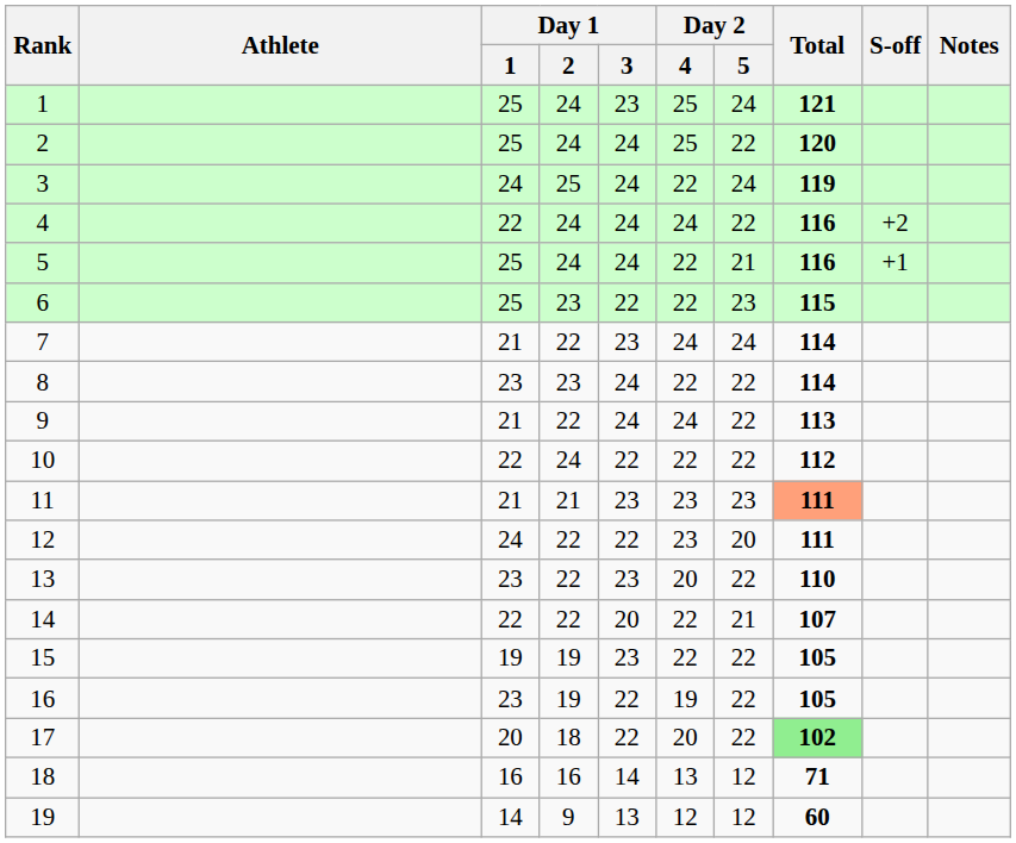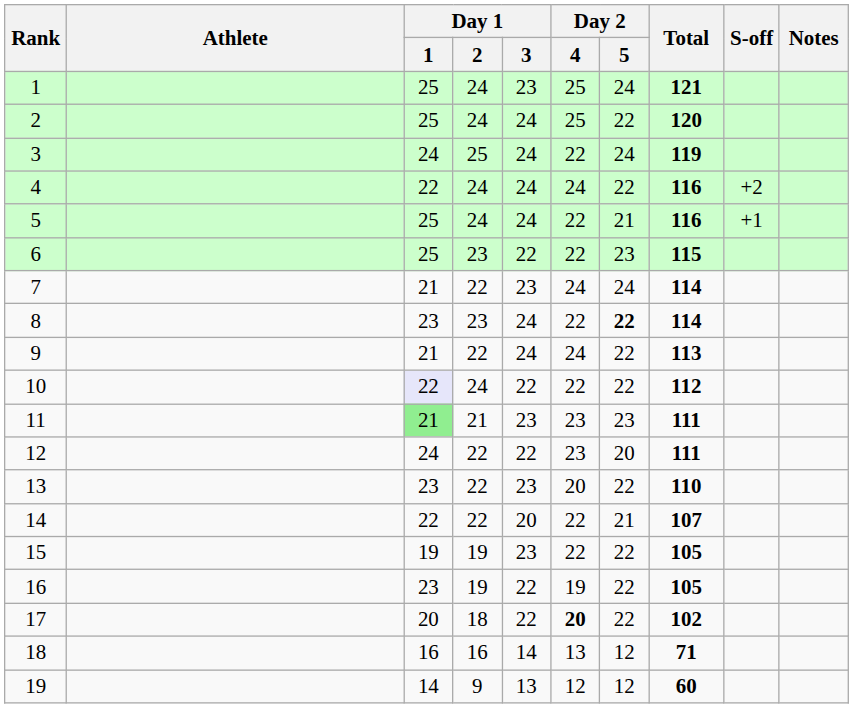 <table class="wikitable" style="text-align:center">
 <tr>
 <th rowspan=2 width=40>Rank</th>
 <th rowspan=2 width=250>Athlete</th>
 <th colspan=3>Day 1</th>
 <th colspan=2>Day 2</th>
 <th rowspan=2 width=50>Total</th>
 <th rowspan=2 width=35>S-off</th>
 <th rowspan=2 width=45>Notes</th>
 </tr>
 <tr>
 <th width=30>1</th>
 <th width=30>2</th>
 <th width=30>3</th>
 <th width=30>4</th>
 <th width=30>5</th>
 </tr>
 <tr bgcolor=ccffcc>
 <td>1</td>
 <td align=left></td>
 <td>25</td>
 <td>24</td>
 <td>23</td>
 <td>25</td>
 <td>24</td>
 <td><strong>121</strong></td>
 <td></td>
 <td></td>
 </tr>
 <tr bgcolor=ccffcc>
 <td>2</td>
 <td align=left></td>
 <td>25</td>
 <td>24</td>
 <td>24</td>
 <td>25</td>
 <td>22</td>
 <td><strong>120</strong></td>
 <td></td>
 <td></td>
 </tr>
 <tr bgcolor=ccffcc>
 <td>3</td>
 <td align=left></td>
 <td>24</td>
 <td>25</td>
 <td>24</td>
 <td>22</td>
 <td>24</td>
 <td><strong>119</strong></td>
 <td></td>
 <td></td>
 </tr>
 <tr bgcolor=ccffcc>
 <td>4</td>
 <td align=left></td>
 <td>22</td>
 <td>24</td>
 <td>24</td>
 <td>24</td>
 <td>22</td>
 <td><strong>116</strong></td>
 <td>+2</td>
 <td></td>
 </tr>
 <tr bgcolor=ccffcc>
 <td>5</td>
 <td align=left></td>
 <td>25</td>
 <td>24</td>
 <td>24</td>
 <td>22</td>
 <td>21</td>
 <td><strong>116</strong></td>
 <td>+1</td>
 <td></td>
 </tr>
 <tr bgcolor=ccffcc>
 <td>6</td>
 <td align=left></td>
 <td>25</td>
 <td>23</td>
 <td>22</td>
 <td>22</td>
 <td>23</td>
 <td><strong>115</strong></td>
 <td></td>
 <td></td>
 </tr>
 <tr>
 <td>7</td>
 <td align=left></td>
 <td>21</td>
 <td>22</td>
 <td>23</td>
 <td>24</td>
 <td>24</td>
 <td><strong>114</strong></td>
 <td></td>
 <td></td>
 </tr>
 <tr>
 <td>8</td>
 <td align=left></td>
 <td>23</td>
 <td>23</td>
 <td>24</td>
 <td>22</td>
-<td>22</td>
+<td><strong>22</strong></td>
 <td><strong>114</strong></td>
 <td></td>
 <td></td>
 </tr>
 <tr>
 <td>9</td>
 <td align=left></td>
 <td>21</td>
 <td>22</td>
 <td>24</td>
 <td>24</td>
 <td>22</td>
 <td><strong>113</strong></td>
 <td></td>
 <td></td>
 </tr>
 <tr>
 <td>10</td>
 <td align=left></td>
-<td>22</td>
+<td style="background: lavender;">22</td>
 <td>24</td>
 <td>22</td>
 <td>22</td>
 <td>22</td>
 <td><strong>112</strong></td>
 <td></td>
 <td></td>
 </tr>
 <tr>
 <td>11</td>
 <td align=left></td>
-<td>21</td>
+<td style="background: lightgreen;">21</td>
 <td>21</td>
 <td>23</td>
 <td>23</td>
 <td>23</td>
-<td style="background: lightsalmon;"><strong>111</strong></td>
+<td><strong>111</strong></td>
 <td></td>
 <td></td>
 </tr>
 <tr>
 <td>12</td>
 <td align=left></td>
 <td>24</td>
 <td>22</td>
 <td>22</td>
 <td>23</td>
 <td>20</td>
 <td><strong>111</strong></td>
 <td></td>
 <td></td>
 </tr>
 <tr>
 <td>13</td>
 <td align=left></td>
 <td>23</td>
 <td>22</td>
 <td>23</td>
 <td>20</td>
 <td>22</td>
 <td><strong>110</strong></td>
 <td></td>
 <td></td>
 </tr>
 <tr>
 <td>14</td>
 <td align=left></td>
 <td>22</td>
 <td>22</td>
 <td>20</td>
 <td>22</td>
 <td>21</td>
 <td><strong>107</strong></td>
 <td></td>
 <td></td>
 </tr>
 <tr>
 <td>15</td>
 <td align=left></td>
 <td>19</td>
 <td>19</td>
 <td>23</td>
 <td>22</td>
 <td>22</td>
 <td><strong>105</strong></td>
 <td></td>
 <td></td>
 </tr>
 <tr>
 <td>16</td>
 <td align=left></td>
 <td>23</td>
 <td>19</td>
 <td>22</td>
 <td>19</td>
 <td>22</td>
 <td><strong>105</strong></td>
 <td></td>
 <td></td>
 </tr>
 <tr>
 <td>17</td>
 <td align=left></td>
 <td>20</td>
 <td>18</td>
 <td>22</td>
-<td>20</td>
+<td><strong>20</strong></td>
 <td>22</td>
-<td style="background: lightgreen;"><strong>102</strong></td>
+<td><strong>102</strong></td>
 <td></td>
 <td></td>
 </tr>
 <tr>
 <td>18</td>
 <td align=left></td>
 <td>16</td>
 <td>16</td>
 <td>14</td>
 <td>13</td>
 <td>12</td>
 <td><strong>71</strong></td>
 <td></td>
 <td></td>
 </tr>
 <tr>
 <td>19</td>
 <td align=left></td>
 <td>14</td>
 <td>9</td>
 <td>13</td>
 <td>12</td>
 <td>12</td>
 <td><strong>60</strong></td>
 <td></td>
 <td></td>
 </tr>
 </table>
